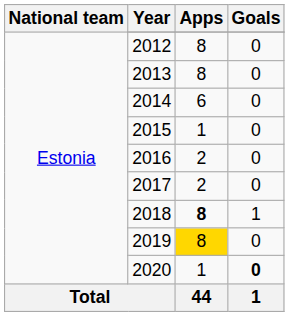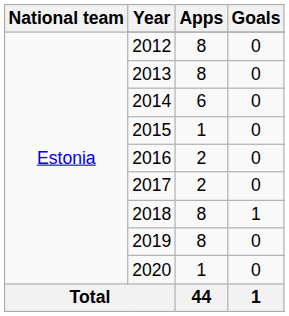 <table class="wikitable" style="text-align:center;">
 <tr>
 <th>National team</th>
 <th>Year</th>
 <th>Apps</th>
 <th>Goals</th>
 </tr>
 <tr>
 <td rowspan=10><a href='#'>Estonia</a></td>
 </tr>
 <tr>
 <td>2012</td>
 <td>8</td>
 <td>0</td>
 </tr>
 <tr>
 <td>2013</td>
 <td>8</td>
 <td>0</td>
 </tr>
 <tr>
 <td>2014</td>
 <td>6</td>
 <td>0</td>
 </tr>
 <tr>
 <td>2015</td>
 <td>1</td>
 <td>0</td>
 </tr>
 <tr>
 <td>2016</td>
 <td>2</td>
 <td>0</td>
 </tr>
 <tr>
 <td>2017</td>
 <td>2</td>
 <td>0</td>
 </tr>
 <tr>
 <td>2018</td>
-<td><strong>8</strong></td>
+<td>8</td>
 <td>1</td>
 </tr>
 <tr>
 <td>2019</td>
-<td style="background: gold;">8</td>
+<td>8</td>
 <td>0</td>
 </tr>
 <tr>
 <td>2020</td>
 <td>1</td>
-<td><strong>0</strong></td>
+<td>0</td>
 </tr>
 <tr>
 <th colspan=2>Total</th>
 <th>44</th>
 <th>1</th>
 </tr>
 </table>
